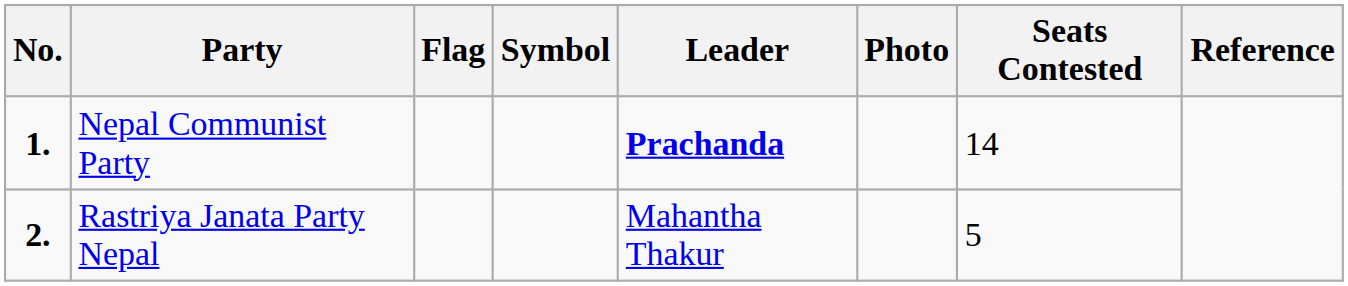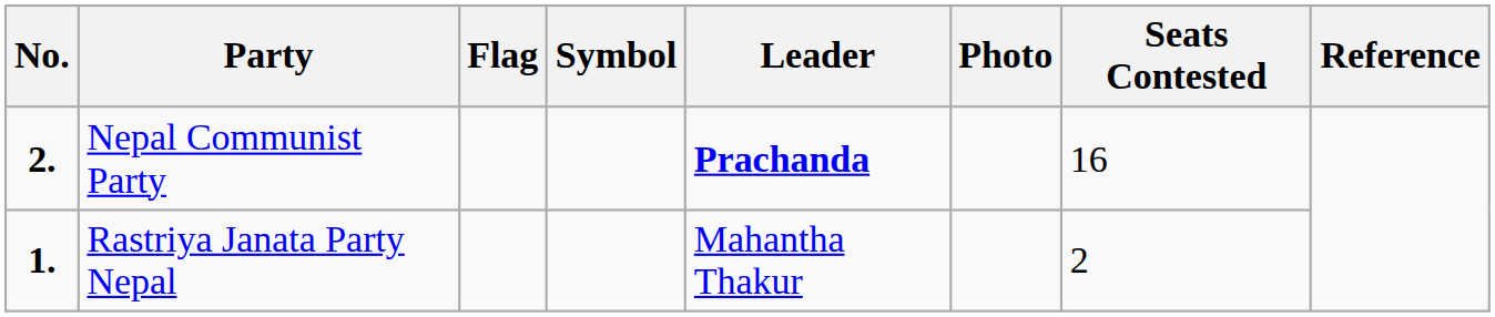 <table class="wikitable" width="50%">
 <tr>
 <th>No.</th>
 <th>Party</th>
 <th>Flag</th>
 <th>Symbol</th>
 <th>Leader</th>
 <th>Photo</th>
 <th>Seats Contested</th>
 <th>Reference</th>
 </tr>
 <tr>
-<td style="text-align:center; background:"><strong>1.</strong></td>
+<td style="text-align:center; background:"><strong>2.</strong></td>
 <td><a href='#'>Nepal Communist Party</a></td>
 <td></td>
 <td></td>
 <td><strong><a href='#'>Prachanda</a></strong></td>
 <td></td>
-<td>14</td>
+<td>16</td>
 <td rowspan="2"></td>
 </tr>
 <tr>
-<td style="text-align:center; background:"><strong>2.</strong></td>
+<td style="text-align:center; background:"><strong>1.</strong></td>
 <td><a href='#'>Rastriya Janata Party Nepal</a></td>
 <td></td>
 <td></td>
 <td><a href='#'>Mahantha Thakur</a></td>
 <td></td>
-<td>5</td>
+<td>2</td>
 </tr>
 </table>
